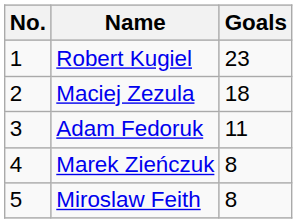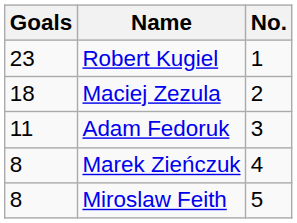 <table class="wikitable" style="display: inline-table;">
 <tr>
+<th>Goals</th>
+<th>Name</th>
 <th>No.</th>
-<th>Name</th>
-<th>Goals</th>
 </tr>
 <tr>
+<td>23</td>
+<td><a href='#'>Robert Kugiel</a></td>
 <td>1</td>
-<td><a href='#'>Robert Kugiel</a></td>
-<td>23</td>
 </tr>
 <tr>
+<td>18</td>
+<td><a href='#'>Maciej Zezula</a></td>
 <td>2</td>
-<td><a href='#'>Maciej Zezula</a></td>
-<td>18</td>
 </tr>
 <tr>
+<td>11</td>
+<td><a href='#'>Adam Fedoruk</a></td>
 <td>3</td>
-<td><a href='#'>Adam Fedoruk</a></td>
-<td>11</td>
 </tr>
 <tr>
+<td>8</td>
+<td><a href='#'>Marek Zieńczuk</a></td>
 <td>4</td>
-<td><a href='#'>Marek Zieńczuk</a></td>
-<td>8</td>
 </tr>
 <tr>
+<td>8</td>
+<td><a href='#'>Miroslaw Feith</a></td>
 <td>5</td>
-<td><a href='#'>Miroslaw Feith</a></td>
-<td>8</td>
 </tr>
 </table>
